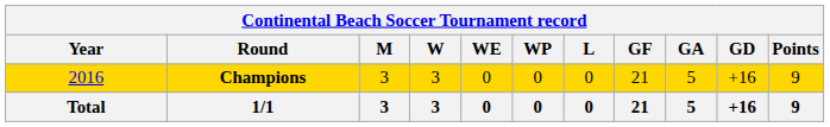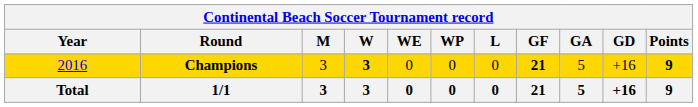 <table class="wikitable" style="text-align: center;font-size:90%;">
 <tr>
 <th colspan=11><a href='#'>Continental Beach Soccer Tournament record</a></th>
 </tr>
 <tr>
 <th width=125>Year</th>
 <th width=150>Round</th>
 <th width=35>M</th>
 <th width=35>W</th>
 <th width=35>WE</th>
 <th width=35>WP</th>
 <th width=35>L</th>
 <th width=35>GF</th>
 <th width=35>GA</th>
 <th width=35>GD</th>
 <th width=35>Points</th>
 </tr>
 <tr bgcolor=gold>
 <td> <a href='#'>2016</a></td>
 <td><strong>Champions</strong></td>
 <td>3</td>
-<td>3</td>
+<td><strong>3</strong></td>
 <td>0</td>
 <td>0</td>
 <td>0</td>
-<td>21</td>
+<td><strong>21</strong></td>
 <td>5</td>
 <td>+16</td>
-<td>9</td>
+<td><strong>9</strong></td>
 </tr>
 <tr>
 <th>Total</th>
 <th>1/1</th>
 <th>3</th>
 <th>3</th>
 <th>0</th>
 <th>0</th>
 <th>0</th>
 <th>21</th>
 <th>5</th>
 <th>+16</th>
 <th>9</th>
 </tr>
 </table>
